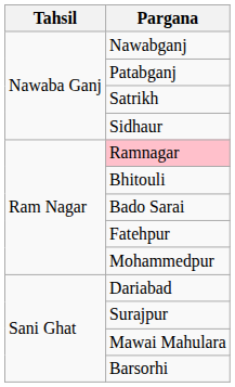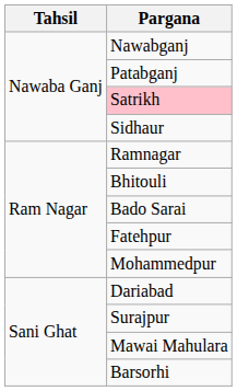 <table class="wikitable mw-collapsible mw-collapsed">
 <tr>
 <th>Tahsil</th>
 <th>Pargana</th>
 </tr>
 <tr>
 <td rowspan=4>Nawaba Ganj</td>
 <td>Nawabganj</td>
 </tr>
 <tr>
 <td>Patabganj</td>
 </tr>
 <tr>
-<td>Satrikh</td>
+<td style="background: pink;">Satrikh</td>
 </tr>
 <tr>
 <td>Sidhaur</td>
 </tr>
 <tr>
 <td rowspan=5>Ram Nagar</td>
-<td style="background: pink;">Ramnagar</td>
+<td>Ramnagar</td>
 </tr>
 <tr>
 <td>Bhitouli</td>
 </tr>
 <tr>
 <td>Bado Sarai</td>
 </tr>
 <tr>
 <td>Fatehpur</td>
 </tr>
 <tr>
 <td>Mohammedpur</td>
 </tr>
 <tr>
 <td rowspan=5>Sani Ghat</td>
 <td>Dariabad</td>
 </tr>
 <tr>
 <td>Surajpur</td>
 </tr>
 <tr>
 <td>Mawai Mahulara</td>
 </tr>
 <tr>
 <td>Barsorhi</td>
 </tr>
 </table>
